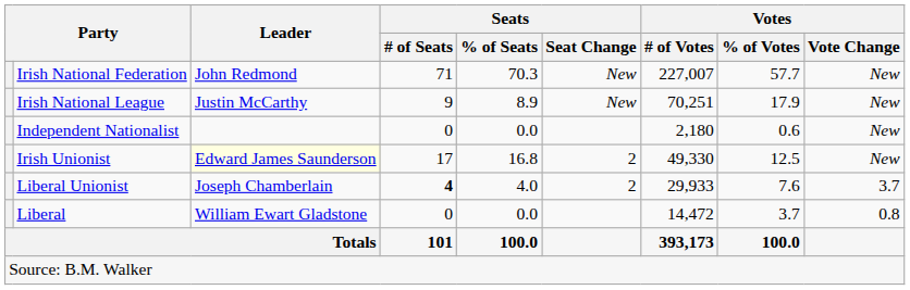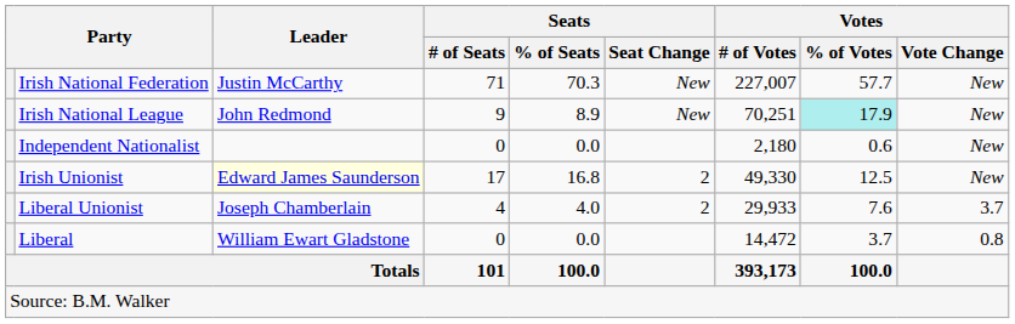 <table class="wikitable" style="font-size: 90%;">
 <tr>
 <th rowspan="2" colspan="2">Party</th>
 <th rowspan="2">Leader</th>
 <th colspan="3">Seats</th>
 <th colspan="3">Votes</th>
 </tr>
 <tr>
 <th># of Seats</th>
 <th>% of Seats</th>
 <th>Seat Change</th>
 <th># of Votes</th>
 <th>% of Votes</th>
 <th>Vote Change</th>
 </tr>
 <tr>
 <th style="background-color: "></th>
 <td><a href='#'>Irish National Federation</a></td>
-<td><a href='#'>John Redmond</a></td>
+<td><a href='#'>Justin McCarthy</a></td>
 <td align="right">71</td>
 <td align="right">70.3</td>
 <td align="right" rowspan=1><em>New</em></td>
 <td align="right" rowspan=1>227,007</td>
 <td align="right" rowspan=1>57.7</td>
 <td align="right" rowspan=1><em>New</em></td>
 </tr>
 <tr>
 <th style="background-color: "></th>
 <td><a href='#'>Irish National League</a></td>
-<td><a href='#'>Justin McCarthy</a></td>
+<td><a href='#'>John Redmond</a></td>
 <td align="right">9</td>
 <td align="right">8.9</td>
 <td align="right" rowspan=1><em>New</em></td>
 <td align="right" rowspan=1>70,251</td>
-<td align="right" rowspan=1>17.9</td>
+<td align="right" rowspan=1 style="background: paleturquoise;">17.9</td>
 <td align="right" rowspan=1><em>New</em></td>
 </tr>
 <tr>
 <th style="background-color: "></th>
 <td><a href='#'>Independent Nationalist</a></td>
 <td></td>
 <td align="right">0</td>
 <td align="right">0.0</td>
 <td align="right"></td>
 <td align="right" rowspan=1>2,180</td>
 <td align="right" rowspan=1>0.6</td>
 <td align="right" rowspan=1><em>New</em></td>
 </tr>
 <tr>
 <th style="background-color: "></th>
 <td><a href='#'>Irish Unionist</a></td>
 <td style="background: lightyellow;"><a href='#'>Edward James Saunderson</a></td>
 <td align="right">17</td>
 <td align="right">16.8</td>
 <td align="right">2</td>
 <td align="right" rowspan=1>49,330</td>
 <td align="right" rowspan=1>12.5</td>
 <td align="right" rowspan=1><em>New</em></td>
 </tr>
 <tr>
 <th style="background-color: "></th>
 <td><a href='#'>Liberal Unionist</a></td>
 <td><a href='#'>Joseph Chamberlain</a></td>
-<td align="right"><strong>4</strong></td>
+<td align="right">4</td>
 <td align="right">4.0</td>
 <td align="right">2</td>
 <td align="right">29,933</td>
 <td align="right">7.6</td>
 <td align="right">3.7</td>
 </tr>
 <tr>
 <th style="background-color: "></th>
 <td><a href='#'>Liberal</a></td>
 <td><a href='#'>William Ewart Gladstone</a></td>
 <td align="right">0</td>
 <td align="right">0.0</td>
 <td align="right"></td>
 <td align="right">14,472</td>
 <td align="right">3.7</td>
 <td align="right">0.8</td>
 </tr>
 <tr style="background-color:#F6F6F6">
 <th colspan="3" style="text-align:right">Totals</th>
 <td align="right"><strong>101</strong></td>
 <td align="right"><strong>100.0</strong></td>
 <td align="right"></td>
 <td align="right"><strong>393,173</strong></td>
 <td align="right"><strong>100.0</strong></td>
 <td align="right"></td>
 </tr>
 <tr style="background-color:#F6F6F6">
 <td colspan="9" align="left">Source: B.M. Walker</td>
 </tr>
 </table>
